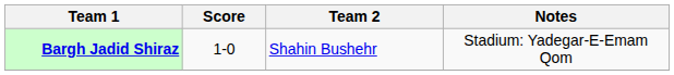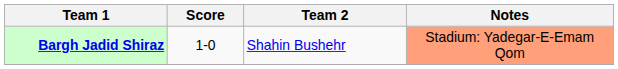 <table class="wikitable" style="text-align:center">
 <tr>
 <th width=180>Team 1</th>
 <th width=80>Score</th>
 <th width=180>Team 2</th>
 <th width=230>Notes</th>
 </tr>
 <tr>
 <td style="background:#cfc;" align="right"><strong><a href='#'>Bargh Jadid Shiraz</a></strong></td>
 <td>1-0</td>
 <td align="left"><a href='#'>Shahin Bushehr</a></td>
-<td>Stadium: Yadegar-E-Emam Qom</td>
+<td style="background: lightsalmon;">Stadium: Yadegar-E-Emam Qom</td>
 </tr>
 <tr>
 </tr>
 </table>
